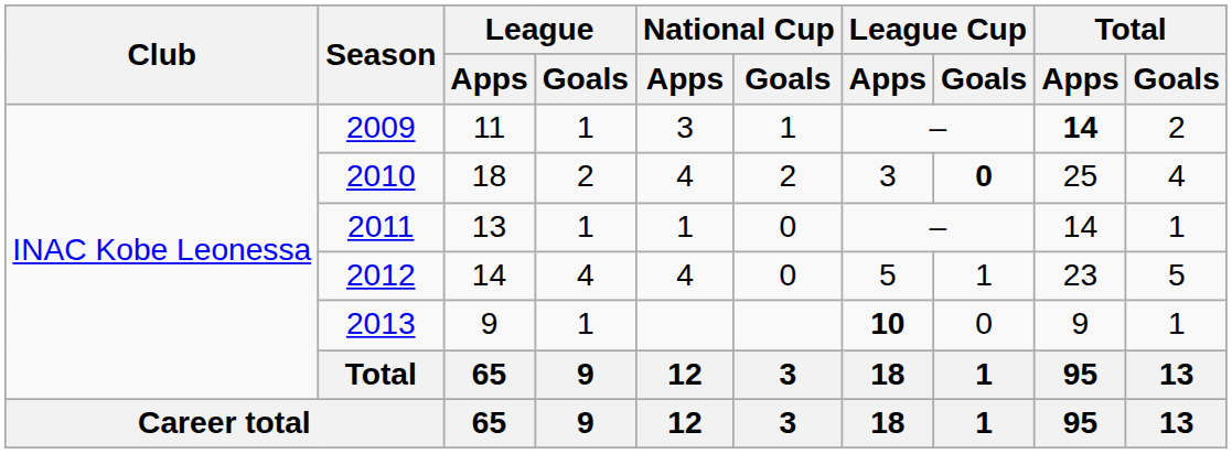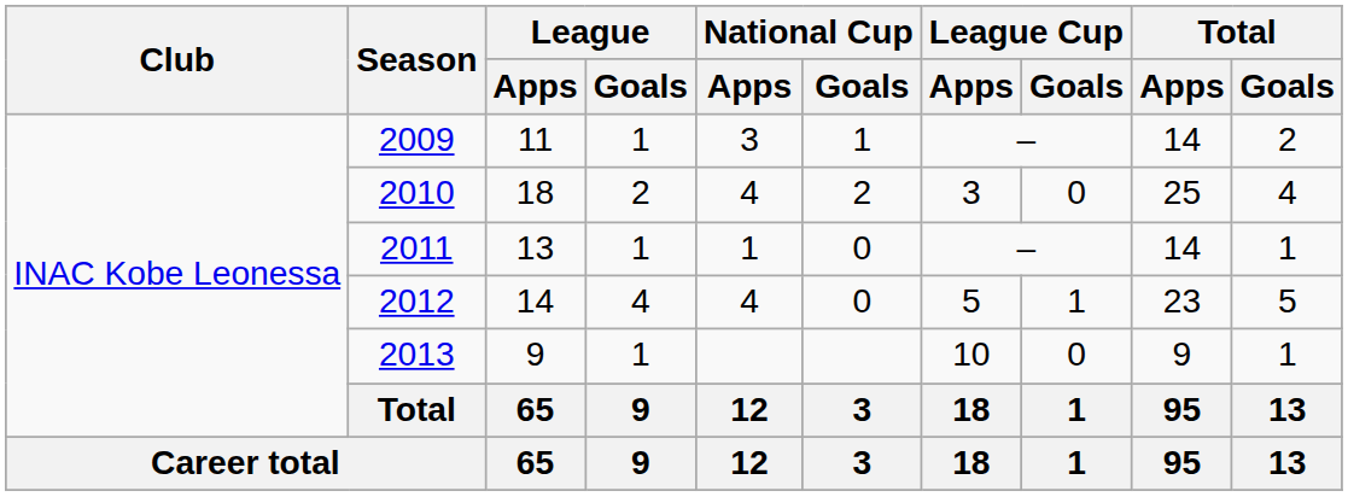 <table class="wikitable" style="text-align: center;">
 <tr>
 <th rowspan="2">Club</th>
 <th rowspan="2">Season</th>
 <th colspan="2">League</th>
 <th colspan="2">National Cup</th>
 <th colspan="2">League Cup</th>
 <th colspan="2">Total</th>
 </tr>
 <tr>
 <th>Apps</th>
 <th>Goals</th>
 <th>Apps</th>
 <th>Goals</th>
 <th>Apps</th>
 <th>Goals</th>
 <th>Apps</th>
 <th>Goals</th>
 </tr>
 <tr>
 <td rowspan="6"><a href='#'>INAC Kobe Leonessa</a></td>
 <td><a href='#'>2009</a></td>
 <td>11</td>
 <td>1</td>
 <td>3</td>
 <td>1</td>
 <td colspan="2">–</td>
-<td><strong>14</strong></td>
+<td>14</td>
 <td>2</td>
 </tr>
 <tr>
 <td><a href='#'>2010</a></td>
 <td>18</td>
 <td>2</td>
 <td>4</td>
 <td>2</td>
 <td>3</td>
-<td><strong>0</strong></td>
+<td>0</td>
 <td>25</td>
 <td>4</td>
 </tr>
 <tr>
 <td><a href='#'>2011</a></td>
 <td>13</td>
 <td>1</td>
 <td>1</td>
 <td>0</td>
 <td colspan="2">–</td>
 <td>14</td>
 <td>1</td>
 </tr>
 <tr>
 <td><a href='#'>2012</a></td>
 <td>14</td>
 <td>4</td>
 <td>4</td>
 <td>0</td>
 <td>5</td>
 <td>1</td>
 <td>23</td>
 <td>5</td>
 </tr>
 <tr>
 <td><a href='#'>2013</a></td>
 <td>9</td>
 <td>1</td>
 <td></td>
 <td></td>
-<td><strong>10</strong></td>
+<td>10</td>
 <td>0</td>
 <td>9</td>
 <td>1</td>
 </tr>
 <tr>
 <th>Total</th>
 <th>65</th>
 <th>9</th>
 <th>12</th>
 <th>3</th>
 <th>18</th>
 <th>1</th>
 <th>95</th>
 <th>13</th>
 </tr>
 <tr>
 <th colspan="2">Career total</th>
 <th>65</th>
 <th>9</th>
 <th>12</th>
 <th>3</th>
 <th>18</th>
 <th>1</th>
 <th>95</th>
 <th>13</th>
 </tr>
 </table>
